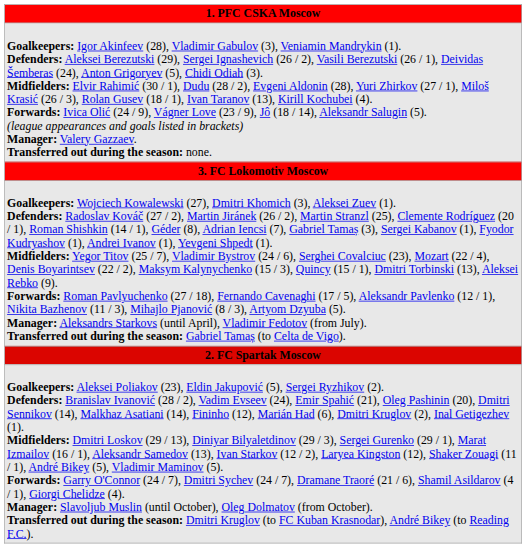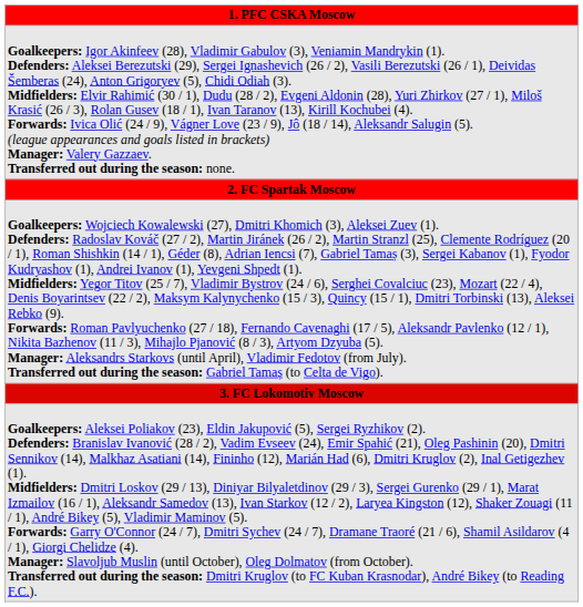 <table class="wikitable" style="width:700px;">
 <tr style="background:#f00;">
 <td style="text-align:center; width:700px;"><span> <strong>1. PFC CSKA Moscow</strong> </span></td>
 </tr>
 <tr style="background:#e8e8e8;">
 <td style="text-align:left; width:700px;"><br><strong>Goalkeepers:</strong> <a href='#'>Igor Akinfeev</a> (28), <a href='#'>Vladimir Gabulov</a> (3), <a href='#'>Veniamin Mandrykin</a> (1).<br> <strong>Defenders:</strong> <a href='#'>Aleksei Berezutski</a> (29), <a href='#'>Sergei Ignashevich</a> (26 / 2), <a href='#'>Vasili Berezutski</a> (26 / 1), <a href='#'>Deividas Šemberas</a>  (24), <a href='#'>Anton Grigoryev</a> (5), <a href='#'>Chidi Odiah</a>  (3).<br> <strong>Midfielders:</strong> <a href='#'>Elvir Rahimić</a>  (30 / 1), <a href='#'>Dudu</a>  (28 / 2), <a href='#'>Evgeni Aldonin</a> (28), <a href='#'>Yuri Zhirkov</a> (27 / 1), <a href='#'>Miloš Krasić</a>  (26 / 3), <a href='#'>Rolan Gusev</a> (18 / 1), <a href='#'>Ivan Taranov</a> (13), <a href='#'>Kirill Kochubei</a> (4).<br> <strong>Forwards:</strong> <a href='#'>Ivica Olić</a>  (24 / 9), <a href='#'>Vágner Love</a>  (23 / 9), <a href='#'>Jô</a>  (18 / 14), <a href='#'>Aleksandr Salugin</a> (5).<br><em>(league appearances and goals listed in brackets)</em><br><strong>Manager:</strong> <a href='#'>Valery Gazzaev</a>.<br><strong>Transferred out during the season:</strong> none.</td>
 </tr>
 <tr style="background:#f00;">
-<td style="text-align:center; width:700px;"><span> <strong>3. FC Lokomotiv Moscow</strong> </span></td>
+<td style="text-align:center; width:700px;"><span> <strong>2. FC Spartak Moscow</strong> </span></td>
 </tr>
 <tr style="background:#e8e8e8;">
 <td style="text-align:left; width:700px;"><br><strong>Goalkeepers:</strong> <a href='#'>Wojciech Kowalewski</a>  (27), <a href='#'>Dmitri Khomich</a> (3), <a href='#'>Aleksei Zuev</a> (1).<br> <strong>Defenders:</strong> <a href='#'>Radoslav Kováč</a>  (27 / 2), <a href='#'>Martin Jiránek</a>  (26 / 2), <a href='#'>Martin Stranzl</a>  (25), <a href='#'>Clemente Rodríguez</a>  (20 / 1), <a href='#'>Roman Shishkin</a> (14 / 1), <a href='#'>Géder</a>  (8), <a href='#'>Adrian Iencsi</a>  (7), <a href='#'>Gabriel Tamaș</a>  (3), <a href='#'>Sergei Kabanov</a> (1), <a href='#'>Fyodor Kudryashov</a> (1), <a href='#'>Andrei Ivanov</a> (1), <a href='#'>Yevgeni Shpedt</a> (1).<br> <strong>Midfielders:</strong> <a href='#'>Yegor Titov</a> (25 / 7), <a href='#'>Vladimir Bystrov</a> (24 / 6), <a href='#'>Serghei Covalciuc</a>  (23), <a href='#'>Mozart</a>  (22 / 4), <a href='#'>Denis Boyarintsev</a> (22 / 2), <a href='#'>Maksym Kalynychenko</a>  (15 / 3), <a href='#'>Quincy</a>  (15 / 1), <a href='#'>Dmitri Torbinski</a> (13), <a href='#'>Aleksei Rebko</a> (9). <br> <strong>Forwards:</strong> <a href='#'>Roman Pavlyuchenko</a> (27 / 18), <a href='#'>Fernando Cavenaghi</a>  (17 / 5), <a href='#'>Aleksandr Pavlenko</a> (12 / 1), <a href='#'>Nikita Bazhenov</a> (11 / 3), <a href='#'>Mihajlo Pjanović</a>  (8 / 3), <a href='#'>Artyom Dzyuba</a> (5).<br><strong>Manager:</strong> <a href='#'>Aleksandrs Starkovs</a>  (until April), <a href='#'>Vladimir Fedotov</a> (from July).<br><strong>Transferred out during the season:</strong>  <a href='#'>Gabriel Tamaș</a>  (to <a href='#'>Celta de Vigo</a>).</td>
 </tr>
 <tr style="background:#db0500;">
-<td style="text-align:center; width:700px;"><span> <strong>2. FC Spartak Moscow</strong> </span></td>
+<td style="text-align:center; width:700px;"><span> <strong>3. FC Lokomotiv Moscow</strong> </span></td>
 </tr>
 <tr style="background:#e8e8e8;">
 <td style="text-align:left; width:700px;"><br><strong>Goalkeepers:</strong> <a href='#'>Aleksei Poliakov</a>  (23), <a href='#'>Eldin Jakupović</a>  (5), <a href='#'>Sergei Ryzhikov</a> (2).<br> <strong>Defenders:</strong> <a href='#'>Branislav Ivanović</a>  (28 / 2), <a href='#'>Vadim Evseev</a> (24), <a href='#'>Emir Spahić</a>  (21), <a href='#'>Oleg Pashinin</a>  (20), <a href='#'>Dmitri Sennikov</a> (14), <a href='#'>Malkhaz Asatiani</a>  (14), <a href='#'>Fininho</a>  (12), <a href='#'>Marián Had</a>  (6), <a href='#'>Dmitri Kruglov</a>  (2), <a href='#'>Inal Getigezhev</a> (1).<br> <strong>Midfielders:</strong> <a href='#'>Dmitri Loskov</a> (29 / 13), <a href='#'>Diniyar Bilyaletdinov</a> (29 / 3), <a href='#'>Sergei Gurenko</a>  (29 / 1), <a href='#'>Marat Izmailov</a> (16 / 1), <a href='#'>Aleksandr Samedov</a> (13), <a href='#'>Ivan Starkov</a> (12 / 2), <a href='#'>Laryea Kingston</a>  (12), <a href='#'>Shaker Zouagi</a>  (11 / 1), <a href='#'>André Bikey</a>  (5), <a href='#'>Vladimir Maminov</a>  (5).<br> <strong>Forwards:</strong> <a href='#'>Garry O'Connor</a>  (24 / 7), <a href='#'>Dmitri Sychev</a> (24 / 7), <a href='#'>Dramane Traoré</a>  (21 / 6), <a href='#'>Shamil Asildarov</a> (4 / 1), <a href='#'>Giorgi Chelidze</a>  (4).<br><strong>Manager:</strong> <a href='#'>Slavoljub Muslin</a>  (until October), <a href='#'>Oleg Dolmatov</a> (from October).<br><strong>Transferred out during the season:</strong> <a href='#'>Dmitri Kruglov</a>  (to <a href='#'>FC Kuban Krasnodar</a>), <a href='#'>André Bikey</a>  (to <a href='#'>Reading F.C.</a>).</td>
 </tr>
 </table>
